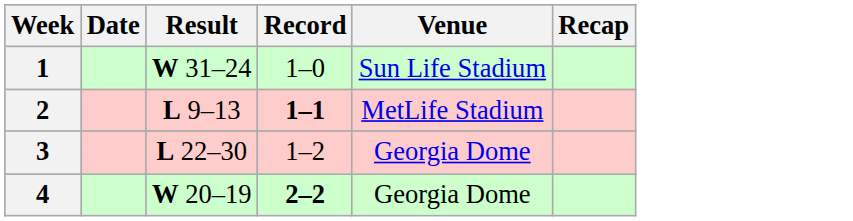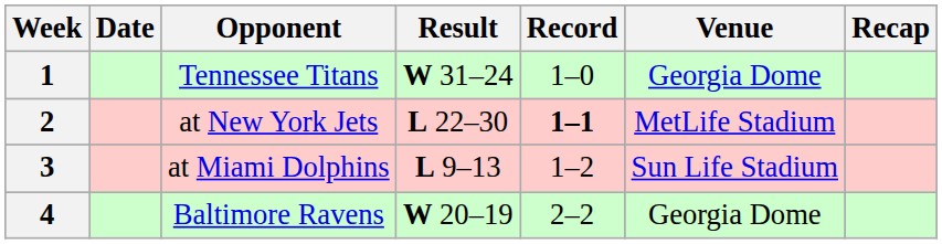 <table class="wikitable" style="text-align:center">
 <tr>
 <th>Week</th>
 <th>Date</th>
+<th>Opponent</th>
 <th>Result</th>
 <th>Record</th>
 <th>Venue</th>
 <th>Recap</th>
 </tr>
 <tr style="background:#cfc">
 <th>1</th>
 <td></td>
+<td><a href='#'>Tennessee Titans</a></td>
 <td><strong>W</strong> 31–24</td>
 <td>1–0</td>
-<td><a href='#'>Sun Life Stadium</a></td>
+<td><a href='#'>Georgia Dome</a></td>
 <td></td>
 </tr>
 <tr style="background:#fcc">
 <th>2</th>
 <td></td>
-<td><strong>L</strong> 9–13</td>
+<td>at <a href='#'>New York Jets</a></td>
+<td><strong>L</strong> 22–30</td>
 <td><strong>1–1</strong></td>
 <td><a href='#'>MetLife Stadium</a></td>
 <td></td>
 </tr>
 <tr style="background:#fcc">
 <th>3</th>
 <td></td>
-<td><strong>L</strong> 22–30</td>
+<td>at <a href='#'>Miami Dolphins</a></td>
+<td><strong>L</strong> 9–13</td>
 <td>1–2</td>
-<td><a href='#'>Georgia Dome</a></td>
+<td><a href='#'>Sun Life Stadium</a></td>
 <td></td>
 </tr>
 <tr style="background:#cfc">
 <th>4</th>
 <td></td>
+<td><a href='#'>Baltimore Ravens</a></td>
 <td><strong>W</strong> 20–19</td>
-<td><strong>2–2</strong></td>
+<td>2–2</td>
 <td>Georgia Dome</td>
 <td></td>
 </tr>
 </table>
